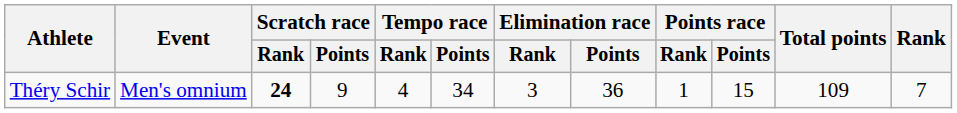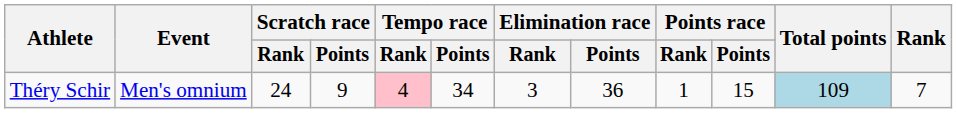 <table class="wikitable" style="font-size:90%">
 <tr>
 <th rowspan="2">Athlete</th>
 <th rowspan="2">Event</th>
 <th colspan=2>Scratch race</th>
 <th colspan=2>Tempo race</th>
 <th colspan=2>Elimination race</th>
 <th colspan=2>Points race</th>
 <th rowspan=2>Total points</th>
 <th rowspan=2>Rank</th>
 </tr>
 <tr style="font-size:95%">
 <th>Rank</th>
 <th>Points</th>
 <th>Rank</th>
 <th>Points</th>
 <th>Rank</th>
 <th>Points</th>
 <th>Rank</th>
 <th>Points</th>
 </tr>
 <tr align=center>
 <td align=left><a href='#'>Théry Schir</a></td>
 <td align=left><a href='#'>Men's omnium</a></td>
-<td><strong>24</strong></td>
+<td>24</td>
 <td>9</td>
-<td>4</td>
+<td style="background: pink;">4</td>
 <td>34</td>
 <td>3</td>
 <td>36</td>
 <td>1</td>
 <td>15</td>
-<td>109</td>
+<td style="background: lightblue;">109</td>
 <td>7</td>
 </tr>
 </table>
